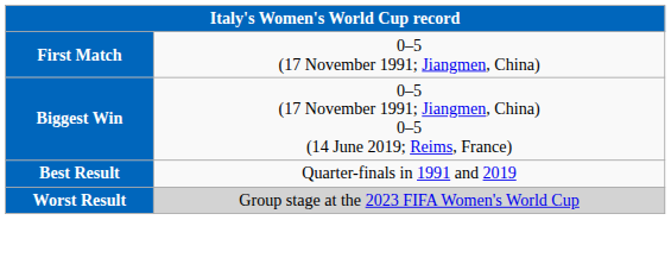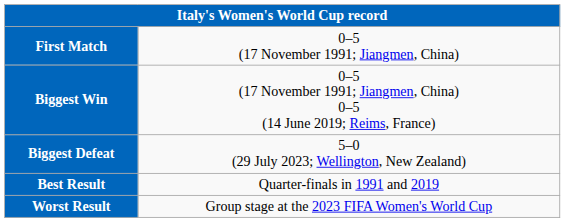 <table class="wikitable collapsible collapsed" style="width:50%;text-align:center">
 <tr>
 <th colspan="2" style="background:#0066bc; color:white; "><strong>Italy's Women's World Cup record</strong></th>
 </tr>
 <tr>
 <th style="background:#0066bc; color:white; ">First Match</th>
 <td> 0–5 <br> (17 November 1991; <a href='#'>Jiangmen</a>, China)</td>
 </tr>
 <tr>
 <th style="background:#0066bc; color:white; ">Biggest Win</th>
 <td> 0–5 <br> (17 November 1991; <a href='#'>Jiangmen</a>, China)<br> 0–5 <br> (14 June 2019; <a href='#'>Reims</a>, France)</td>
 </tr>
 <tr>
+<th style="background:#0066bc; color:white; ">Biggest Defeat</th>
+<td> 5–0 <br> (29 July 2023; <a href='#'>Wellington</a>, New Zealand)</td>
+</tr>
+<tr>
 <th style="background:#0066bc; color:white; ">Best Result</th>
 <td>Quarter-finals in <a href='#'>1991</a> and <a href='#'>2019</a></td>
 </tr>
 <tr>
 <th style="background:#0066bc; color:white; ">Worst Result</th>
-<td style="background: lightgrey;">Group stage at the <a href='#'>2023 FIFA Women's World Cup</a></td>
+<td>Group stage at the <a href='#'>2023 FIFA Women's World Cup</a></td>
 </tr>
 </table>
